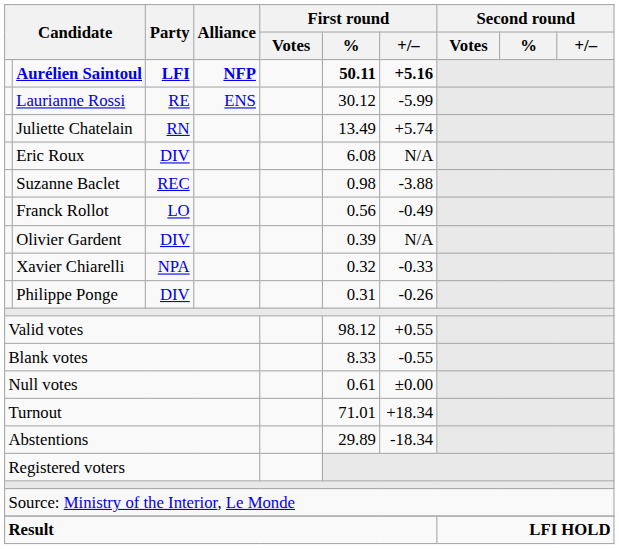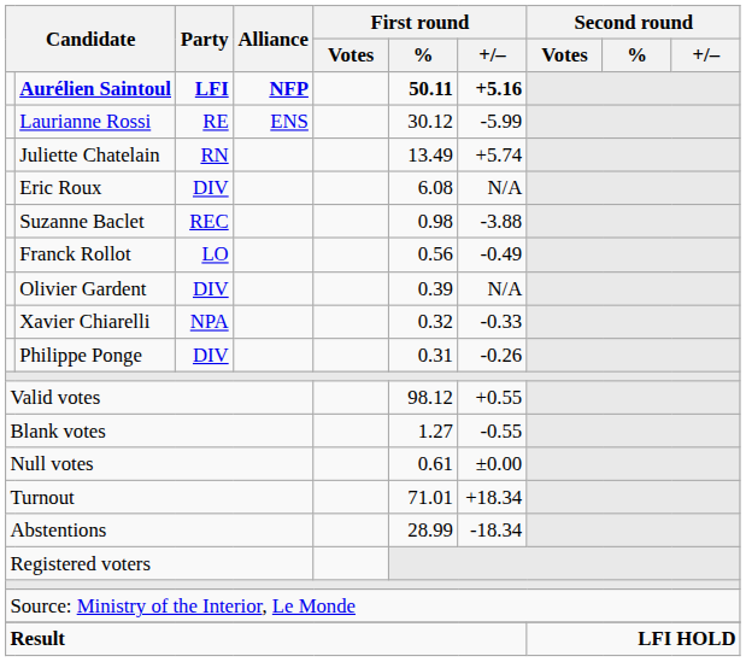 <table class="wikitable" style="text-align:right;font-size:95%;">
 <tr>
 <th rowspan="2" colspan="2">Candidate</th>
 <th rowspan="2">Party</th>
 <th rowspan="2">Alliance</th>
 <th colspan="3">First round</th>
 <th colspan="3">Second round</th>
 </tr>
 <tr>
 <th style="width:50px;">Votes</th>
 <th style="width:45px;">%</th>
 <th style="width:45px;">+/–</th>
 <th style="width:50px;">Votes</th>
 <th style="width:45px;">%</th>
 <th style="width:45px;">+/–</th>
 </tr>
 <tr>
 <td style="color:inherit;background:"></td>
 <td style="text-align:left;"><strong><a href='#'>Aurélien Saintoul</a></strong></td>
 <td><a href='#'><strong>LFI</strong></a></td>
 <td><a href='#'><strong>NFP</strong></a></td>
 <td><strong></strong></td>
 <td><strong>50.11</strong></td>
 <td><strong>+5.16</strong></td>
 <td colspan="3" style="background:#E9E9E9;"></td>
 </tr>
 <tr>
 <td style="color:inherit;background:"></td>
 <td style="text-align:left;"><a href='#'>Laurianne Rossi</a></td>
 <td><a href='#'>RE</a></td>
 <td><a href='#'>ENS</a></td>
 <td></td>
 <td>30.12</td>
 <td>-5.99</td>
 <td colspan="3" style="background:#E9E9E9;"></td>
 </tr>
 <tr>
 <td style="color:inherit;background:"></td>
 <td style="text-align:left;">Juliette Chatelain</td>
 <td><a href='#'>RN</a></td>
 <td></td>
 <td></td>
 <td>13.49</td>
 <td>+5.74</td>
 <td colspan="3" style="background:#E9E9E9;"></td>
 </tr>
 <tr>
 <td style="color:inherit;background:"></td>
 <td style="text-align:left;">Eric Roux</td>
 <td><a href='#'>DIV</a></td>
 <td></td>
 <td></td>
 <td>6.08</td>
 <td>N/A</td>
 <td colspan="3" style="background:#E9E9E9;"></td>
 </tr>
 <tr>
 <td style="color:inherit;background:"></td>
 <td style="text-align:left;">Suzanne Baclet</td>
 <td><a href='#'>REC</a></td>
 <td></td>
 <td></td>
 <td>0.98</td>
 <td>-3.88</td>
 <td colspan="3" style="background:#E9E9E9;"></td>
 </tr>
 <tr>
 <td style="color:inherit;background:"></td>
 <td style="text-align:left;">Franck Rollot</td>
 <td><a href='#'>LO</a></td>
 <td></td>
 <td></td>
 <td>0.56</td>
 <td>-0.49</td>
 <td colspan="3" style="background:#E9E9E9;"></td>
 </tr>
 <tr>
 <td style="color:inherit;background:"></td>
 <td style="text-align:left;">Olivier Gardent</td>
 <td><a href='#'>DIV</a></td>
 <td></td>
 <td></td>
 <td>0.39</td>
 <td>N/A</td>
 <td colspan="3" style="background:#E9E9E9;"></td>
 </tr>
 <tr>
 <td style="color:inherit;background:"></td>
 <td style="text-align:left;">Xavier Chiarelli</td>
 <td><a href='#'>NPA</a></td>
 <td></td>
 <td></td>
 <td>0.32</td>
 <td>-0.33</td>
 <td colspan="3" style="background:#E9E9E9;"></td>
 </tr>
 <tr>
 <td style="color:inherit;background:"></td>
 <td style="text-align:left;">Philippe Ponge</td>
 <td><a href='#'>DIV</a></td>
 <td></td>
 <td></td>
 <td>0.31</td>
 <td>-0.26</td>
 <td colspan="3" style="background:#E9E9E9;"></td>
 </tr>
 <tr>
 <td colspan="10" style="background:#E9E9E9;"></td>
 </tr>
 <tr>
 <td colspan="4" style="text-align:left;">Valid votes</td>
 <td></td>
 <td>98.12</td>
 <td>+0.55</td>
 <td colspan="3" style="background:#E9E9E9;"></td>
 </tr>
 <tr>
 <td colspan="4" style="text-align:left;">Blank votes</td>
 <td></td>
-<td>8.33</td>
+<td>1.27</td>
 <td>-0.55</td>
 <td colspan="3" style="background:#E9E9E9;"></td>
 </tr>
 <tr>
 <td colspan="4" style="text-align:left;">Null votes</td>
 <td></td>
 <td>0.61</td>
 <td>±0.00</td>
 <td colspan="3" style="background:#E9E9E9;"></td>
 </tr>
 <tr>
 <td colspan="4" style="text-align:left;">Turnout</td>
 <td></td>
 <td>71.01</td>
 <td>+18.34</td>
 <td colspan="3" style="background:#E9E9E9;"></td>
 </tr>
 <tr>
 <td colspan="4" style="text-align:left;">Abstentions</td>
 <td></td>
-<td>29.89</td>
+<td>28.99</td>
 <td>-18.34</td>
 <td colspan="3" style="background:#E9E9E9;"></td>
 </tr>
 <tr>
 <td colspan="4" style="text-align:left;">Registered voters</td>
 <td></td>
 <td colspan="5" style="background:#E9E9E9;"></td>
 </tr>
 <tr>
 <td colspan="10" style="background:#E9E9E9;"></td>
 </tr>
 <tr>
 <td colspan="10" style="text-align:left;">Source: <a href='#'>Ministry of the Interior</a>, <a href='#'>Le Monde</a></td>
 </tr>
 <tr>
 </tr>
 <tr style="font-weight:bold">
 <td colspan="7" style="text-align:left;">Result</td>
 <td colspan="7" style="background-color:">LFI HOLD</td>
 </tr>
 </table>
